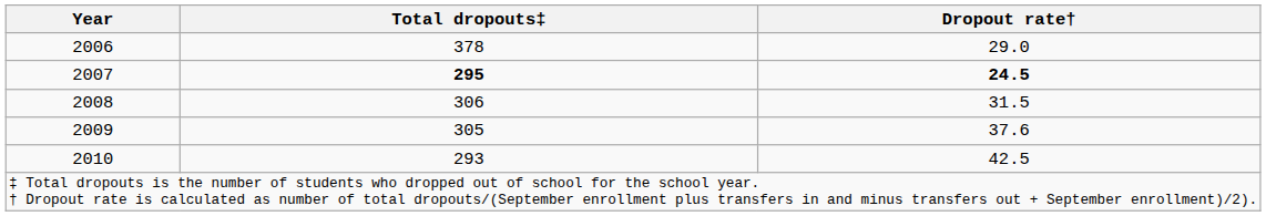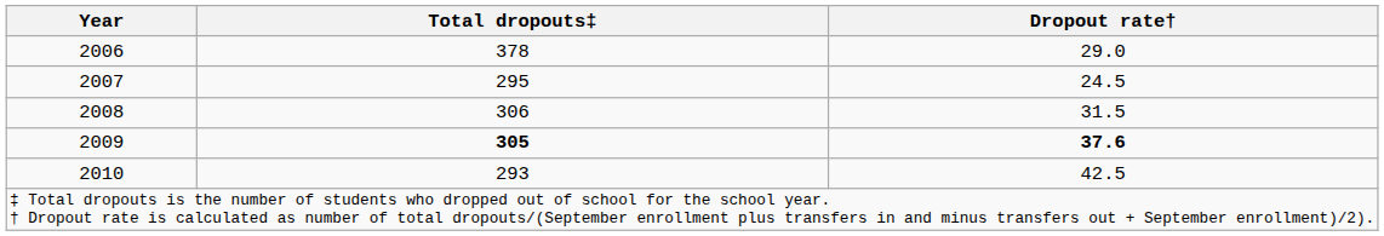 <table class="wikitable collapsible sortable" style="margin: 1em auto 1em auto;">
 <tr align="center">
 <th>Year</th>
 <th>Total dropouts‡</th>
 <th>Dropout rate†</th>
 </tr>
 <tr align="center">
 <td>2006</td>
 <td>378</td>
 <td>29.0</td>
 </tr>
 <tr align="center">
 <td>2007</td>
-<td><strong>295</strong></td>
-<td><strong>24.5</strong></td>
+<td>295</td>
+<td>24.5</td>
 </tr>
 <tr align="center">
 <td>2008</td>
 <td>306</td>
 <td>31.5</td>
 </tr>
 <tr align="center">
 <td>2009</td>
-<td>305</td>
-<td>37.6</td>
+<td><strong>305</strong></td>
+<td><strong>37.6</strong></td>
 </tr>
 <tr align="center">
 <td>2010</td>
 <td>293</td>
 <td>42.5</td>
 </tr>
 <tr class="sortbottom">
 <td colspan="4" style="font-size: 8pt">‡ Total dropouts is the number of students who dropped out of school for the school year. <br> † Dropout rate is calculated as number of total dropouts/(September enrollment plus transfers in and minus transfers out + September enrollment)/2).</td>
 </tr>
 </table>
